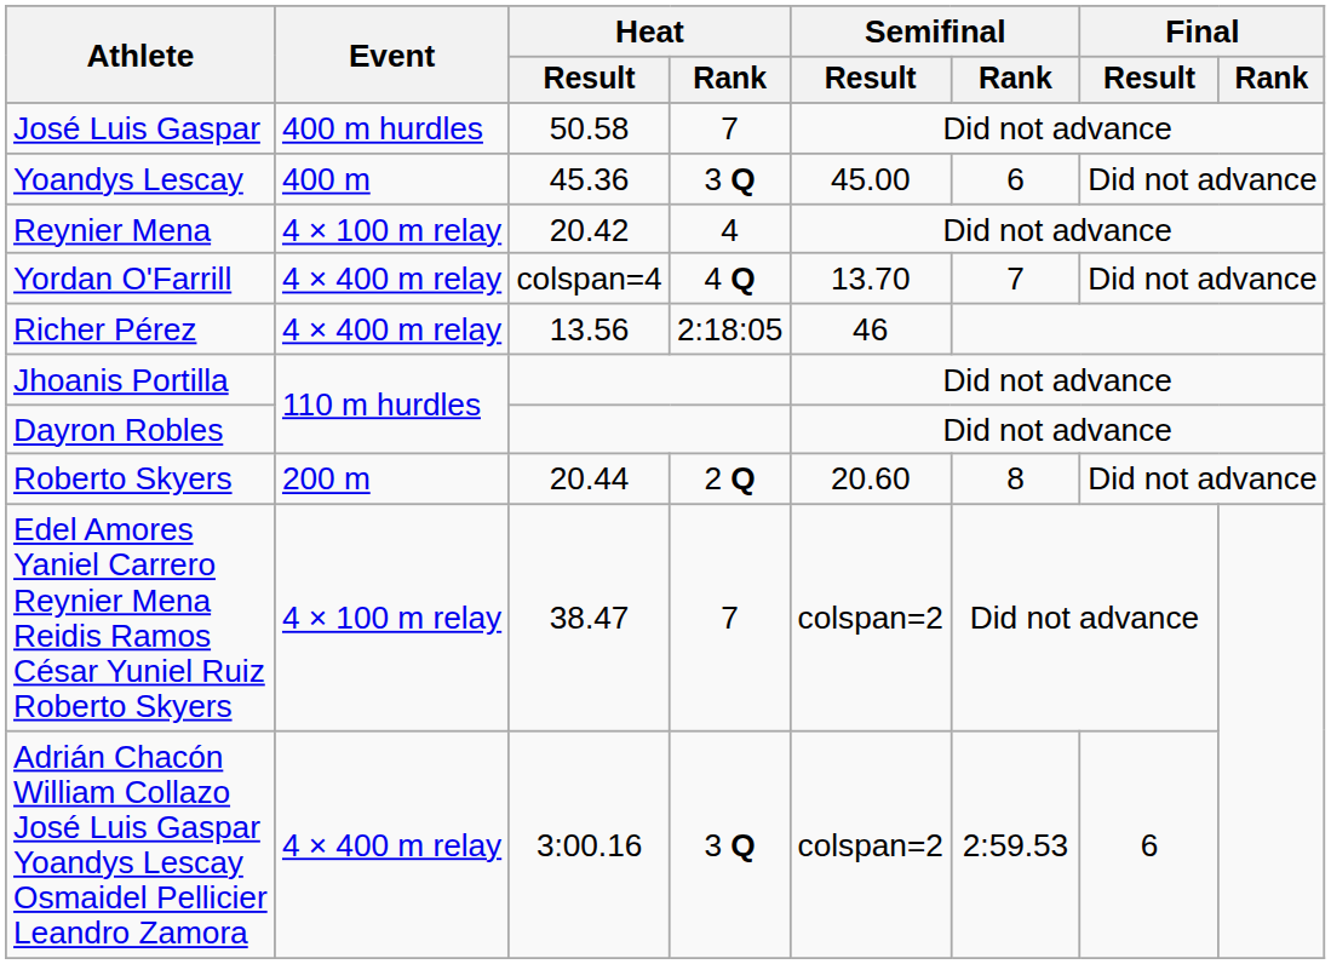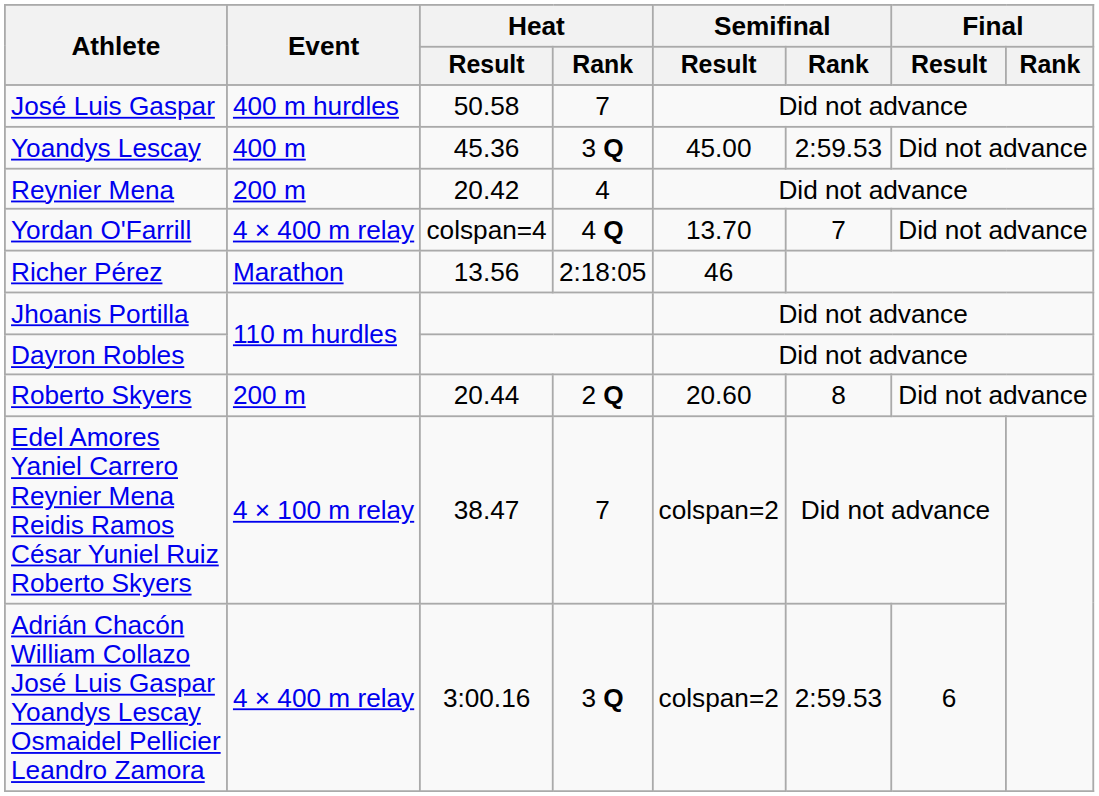 <table class="wikitable" style="font-size:90%">
 <tr>
 <th rowspan="2">Athlete</th>
 <th rowspan="2">Event</th>
 <th colspan="2">Heat</th>
 <th colspan="2">Semifinal</th>
 <th colspan="2">Final</th>
 </tr>
 <tr style="font-size:95%">
 <th>Result</th>
 <th>Rank</th>
 <th>Result</th>
 <th>Rank</th>
 <th>Result</th>
 <th>Rank</th>
 </tr>
 <tr align=center>
 <td align=left><a href='#'>José Luis Gaspar</a></td>
 <td align=left><a href='#'>400 m hurdles</a></td>
 <td>50.58</td>
 <td>7</td>
 <td colspan=4>Did not advance</td>
 </tr>
 <tr align=center>
 <td align=left><a href='#'>Yoandys Lescay</a></td>
 <td align=left><a href='#'>400 m</a></td>
 <td>45.36</td>
 <td>3 <strong>Q</strong></td>
 <td>45.00</td>
-<td>6</td>
+<td>2:59.53</td>
 <td colspan=2>Did not advance</td>
 </tr>
 <tr align=center>
 <td align=left><a href='#'>Reynier Mena</a></td>
-<td align=left><a href='#'>4 × 100 m relay</a></td>
+<td align=left><a href='#'>200 m</a></td>
 <td>20.42</td>
 <td>4</td>
 <td colspan=4>Did not advance</td>
 </tr>
 <tr align=center>
 <td align=left><a href='#'>Yordan O'Farrill</a></td>
 <td align=left><a href='#'>4 × 400 m relay</a></td>
 <td>colspan=4 </td>
 <td>4 <strong>Q</strong></td>
 <td>13.70</td>
 <td>7</td>
 <td colspan=2>Did not advance</td>
 </tr>
 <tr align=center>
 <td align=left><a href='#'>Richer Pérez</a></td>
-<td align=left><a href='#'>4 × 400 m relay</a></td>
+<td align=left><a href='#'>Marathon</a></td>
 <td>13.56</td>
 <td>2:18:05</td>
 <td>46</td>
 </tr>
 <tr align=center>
 <td align=left><a href='#'>Jhoanis Portilla</a></td>
 <td align=left rowspan=2><a href='#'>110 m hurdles</a></td>
 <td colspan=2></td>
 <td colspan=4>Did not advance</td>
 </tr>
 <tr align=center>
 <td align=left><a href='#'>Dayron Robles</a></td>
 <td colspan=2></td>
 <td colspan=4>Did not advance</td>
 </tr>
 <tr align=center>
 <td align=left><a href='#'>Roberto Skyers</a></td>
 <td align=left><a href='#'>200 m</a></td>
 <td>20.44</td>
 <td>2 <strong>Q</strong></td>
 <td>20.60</td>
 <td>8</td>
 <td colspan=2>Did not advance</td>
 </tr>
 <tr align=center>
 <td align=left><a href='#'>Edel Amores</a><br><a href='#'>Yaniel Carrero</a><br><a href='#'>Reynier Mena</a><br><a href='#'>Reidis Ramos</a><br><a href='#'>César Yuniel Ruiz</a><br><a href='#'>Roberto Skyers</a></td>
 <td align=left><a href='#'>4 × 100 m relay</a></td>
 <td>38.47</td>
 <td>7</td>
 <td>colspan=2 </td>
 <td colspan=2>Did not advance</td>
 </tr>
 <tr align=center>
 <td align=left><a href='#'>Adrián Chacón</a><br><a href='#'>William Collazo</a><br><a href='#'>José Luis Gaspar</a><br><a href='#'>Yoandys Lescay</a><br><a href='#'>Osmaidel Pellicier</a><br><a href='#'>Leandro Zamora</a></td>
 <td align=left><a href='#'>4 × 400 m relay</a></td>
 <td>3:00.16</td>
 <td>3 <strong>Q</strong></td>
 <td>colspan=2 </td>
 <td>2:59.53</td>
 <td>6</td>
 </tr>
 </table>
